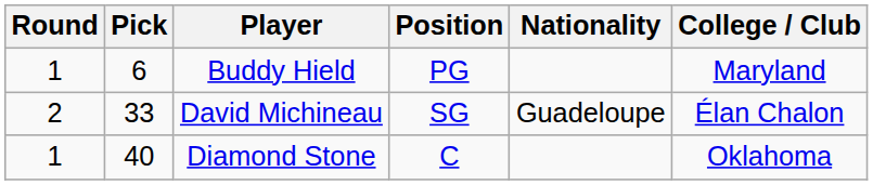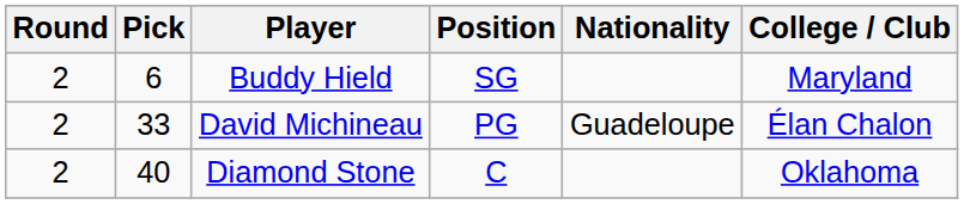 <table class="wikitable sortable sortable">
 <tr>
 <th style="background:#">Round</th>
 <th style="background:#">Pick</th>
 <th style="background:#">Player</th>
 <th style="background:#">Position</th>
 <th style="background:#">Nationality</th>
 <th style="background:#">College / Club</th>
 </tr>
 <tr style="text-align: center">
-<td>1</td>
+<td>2</td>
 <td>6</td>
 <td><a href='#'>Buddy Hield</a></td>
-<td><a href='#'>PG</a></td>
+<td><a href='#'>SG</a></td>
 <td></td>
 <td><a href='#'>Maryland</a></td>
 </tr>
 <tr style="text-align: center">
 <td>2</td>
 <td>33</td>
 <td><a href='#'>David Michineau</a></td>
-<td><a href='#'>SG</a></td>
+<td><a href='#'>PG</a></td>
 <td> Guadeloupe</td>
 <td> <a href='#'>Élan Chalon</a></td>
 </tr>
 <tr style="text-align: center">
-<td>1</td>
+<td>2</td>
 <td>40</td>
 <td><a href='#'>Diamond Stone</a></td>
 <td><a href='#'>C</a></td>
 <td></td>
 <td><a href='#'>Oklahoma</a></td>
 </tr>
 </table>
